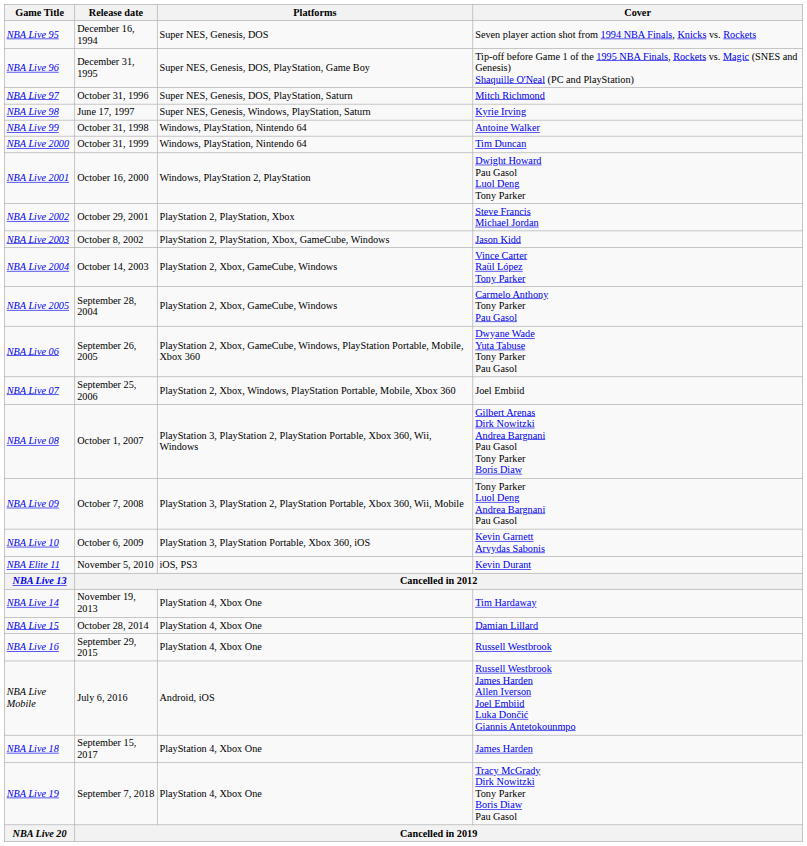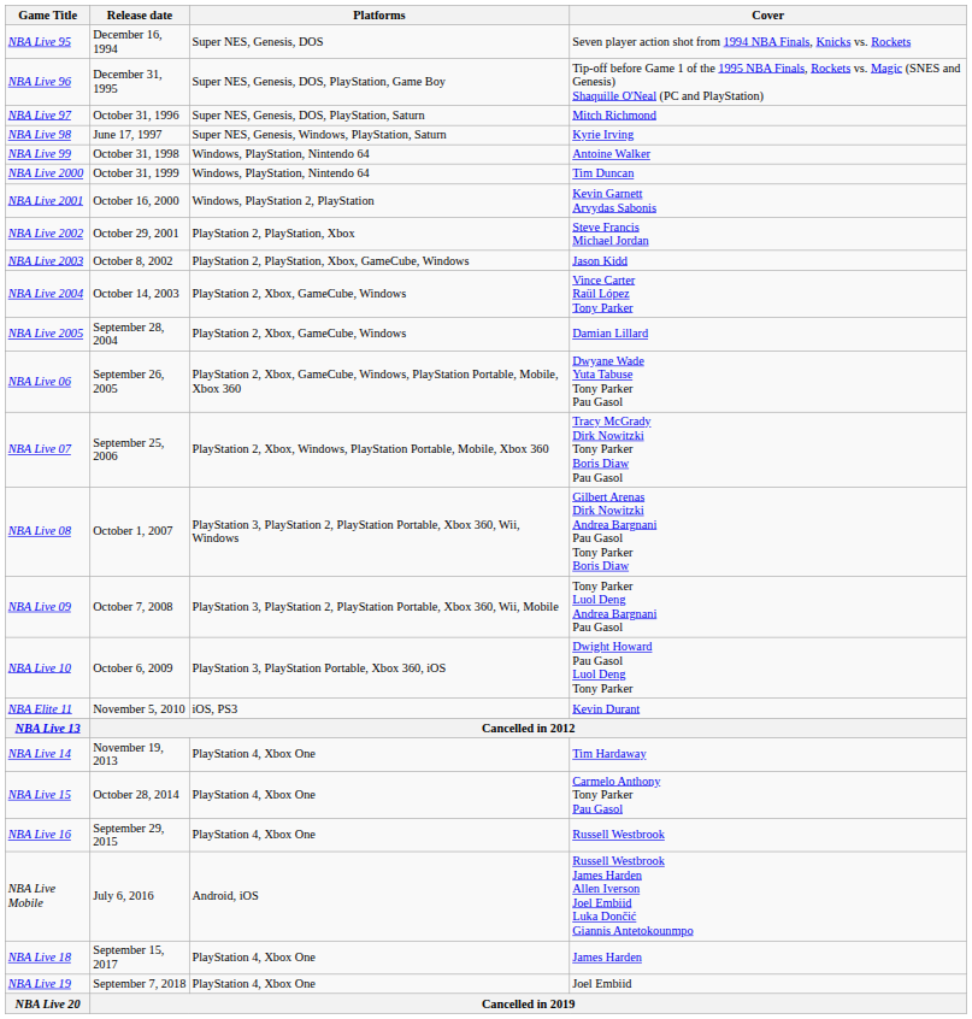 <table class="wikitable sortable">
 <tr>
 <th>Game Title</th>
 <th>Release date</th>
 <th>Platforms</th>
 <th>Cover</th>
 </tr>
 <tr>
 <td><em><a href='#'>NBA Live 95</a></em></td>
 <td>December 16, 1994</td>
 <td>Super NES, Genesis, DOS</td>
 <td>Seven player action shot from <a href='#'>1994 NBA Finals</a>, <a href='#'>Knicks</a> vs. <a href='#'>Rockets</a></td>
 </tr>
 <tr>
 <td><em><a href='#'>NBA Live 96</a></em></td>
 <td>December 31, 1995</td>
 <td>Super NES, Genesis, DOS, PlayStation, Game Boy</td>
 <td>Tip-off before Game 1 of the <a href='#'>1995 NBA Finals</a>, <a href='#'>Rockets</a> vs. <a href='#'>Magic</a> (SNES and Genesis)<br> <a href='#'>Shaquille O'Neal</a> (PC and PlayStation)</td>
 </tr>
 <tr>
 <td><em><a href='#'>NBA Live 97</a></em></td>
 <td>October 31, 1996</td>
 <td>Super NES, Genesis, DOS, PlayStation, Saturn</td>
 <td> <a href='#'>Mitch Richmond</a></td>
 </tr>
 <tr>
 <td><em><a href='#'>NBA Live 98</a></em></td>
 <td>June 17, 1997</td>
 <td>Super NES, Genesis, Windows, PlayStation, Saturn</td>
 <td> <a href='#'>Kyrie Irving</a></td>
 </tr>
 <tr>
 <td><em><a href='#'>NBA Live 99</a></em></td>
 <td>October 31, 1998</td>
 <td>Windows, PlayStation, Nintendo 64</td>
 <td> <a href='#'>Antoine Walker</a></td>
 </tr>
 <tr>
 <td><em><a href='#'>NBA Live 2000</a></em></td>
 <td>October 31, 1999</td>
 <td>Windows, PlayStation, Nintendo 64</td>
 <td> <a href='#'>Tim Duncan</a></td>
 </tr>
 <tr>
 <td><em><a href='#'>NBA Live 2001</a></em></td>
 <td>October 16, 2000</td>
 <td>Windows, PlayStation 2, PlayStation</td>
-<td> <a href='#'>Dwight Howard</a><br> Pau Gasol<br> <a href='#'>Luol Deng</a><br> Tony Parker</td>
+<td> <a href='#'>Kevin Garnett</a><br> <a href='#'>Arvydas Sabonis</a></td>
 </tr>
 <tr>
 <td><em><a href='#'>NBA Live 2002</a></em></td>
 <td>October 29, 2001</td>
 <td>PlayStation 2, PlayStation, Xbox</td>
 <td> <a href='#'>Steve Francis</a><br> <a href='#'>Michael Jordan</a></td>
 </tr>
 <tr>
 <td><em><a href='#'>NBA Live 2003</a></em></td>
 <td>October 8, 2002</td>
 <td>PlayStation 2, PlayStation, Xbox, GameCube, Windows</td>
 <td> <a href='#'>Jason Kidd</a></td>
 </tr>
 <tr>
 <td><em><a href='#'>NBA Live 2004</a></em></td>
 <td>October 14, 2003</td>
 <td>PlayStation 2, Xbox, GameCube, Windows</td>
 <td> <a href='#'>Vince Carter</a><br> <a href='#'>Raül López</a><br> <a href='#'>Tony Parker</a></td>
 </tr>
 <tr>
 <td><em><a href='#'>NBA Live 2005</a></em></td>
 <td>September 28, 2004</td>
 <td>PlayStation 2, Xbox, GameCube, Windows</td>
-<td> <a href='#'>Carmelo Anthony</a><br> Tony Parker<br> <a href='#'>Pau Gasol</a></td>
+<td> <a href='#'>Damian Lillard</a></td>
 </tr>
 <tr>
 <td><em><a href='#'>NBA Live 06</a></em></td>
 <td>September 26, 2005</td>
 <td>PlayStation 2, Xbox, GameCube, Windows, PlayStation Portable, Mobile, Xbox 360</td>
 <td> <a href='#'>Dwyane Wade</a><br> <a href='#'>Yuta Tabuse</a><br> Tony Parker<br> Pau Gasol</td>
 </tr>
 <tr>
 <td><em><a href='#'>NBA Live 07</a></em></td>
 <td>September 25, 2006</td>
 <td>PlayStation 2, Xbox, Windows, PlayStation Portable, Mobile, Xbox 360</td>
-<td> Joel Embiid</td>
+<td> <a href='#'>Tracy McGrady</a><br> <a href='#'>Dirk Nowitzki</a><br> Tony Parker<br> <a href='#'>Boris Diaw</a><br> Pau Gasol</td>
 </tr>
 <tr>
 <td><em><a href='#'>NBA Live 08</a></em></td>
 <td>October 1, 2007</td>
 <td>PlayStation 3, PlayStation 2, PlayStation Portable, Xbox 360, Wii, Windows</td>
 <td> <a href='#'>Gilbert Arenas</a><br> <a href='#'>Dirk Nowitzki</a><br> <a href='#'>Andrea Bargnani</a><br>  Pau Gasol<br>  Tony Parker<br> <a href='#'>Boris Diaw</a></td>
 </tr>
 <tr>
 <td><em><a href='#'>NBA Live 09</a></em></td>
 <td>October 7, 2008</td>
 <td>PlayStation 3, PlayStation 2, PlayStation Portable, Xbox 360, Wii, Mobile</td>
 <td> Tony Parker<br>  <a href='#'>Luol Deng</a><br> <a href='#'>Andrea Bargnani</a><br> Pau Gasol</td>
 </tr>
 <tr>
 <td><em><a href='#'>NBA Live 10</a></em></td>
 <td>October 6, 2009</td>
 <td>PlayStation 3, PlayStation Portable, Xbox 360, iOS</td>
-<td> <a href='#'>Kevin Garnett</a><br> <a href='#'>Arvydas Sabonis</a></td>
+<td> <a href='#'>Dwight Howard</a><br> Pau Gasol<br> <a href='#'>Luol Deng</a><br> Tony Parker</td>
 </tr>
 <tr>
 <td><em><a href='#'>NBA Elite 11</a></em></td>
 <td>November 5, 2010</td>
 <td>iOS, PS3</td>
 <td> <a href='#'>Kevin Durant</a></td>
 </tr>
 <tr>
 <th><em><a href='#'>NBA Live 13</a></em></th>
 <th colspan="3">Cancelled in 2012</th>
 </tr>
 <tr>
 <td><em><a href='#'>NBA Live 14</a></em></td>
 <td>November 19, 2013</td>
 <td>PlayStation 4, Xbox One</td>
 <td> <a href='#'>Tim Hardaway</a></td>
 </tr>
 <tr>
 <td><em><a href='#'>NBA Live 15</a></em></td>
 <td>October 28, 2014</td>
 <td>PlayStation 4, Xbox One</td>
-<td> <a href='#'>Damian Lillard</a></td>
+<td> <a href='#'>Carmelo Anthony</a><br> Tony Parker<br> <a href='#'>Pau Gasol</a></td>
 </tr>
 <tr>
 <td><em><a href='#'>NBA Live 16</a></em></td>
 <td>September 29, 2015</td>
 <td>PlayStation 4, Xbox One</td>
 <td> <a href='#'>Russell Westbrook</a></td>
 </tr>
 <tr>
 <td><em>NBA Live Mobile</em></td>
 <td>July 6, 2016</td>
 <td>Android, iOS</td>
 <td> <a href='#'>Russell Westbrook</a><br> <a href='#'>James Harden</a><br> <a href='#'>Allen Iverson</a><br> <a href='#'>Joel Embiid</a><br> <a href='#'>Luka Dončić</a><br> <a href='#'>Giannis Antetokounmpo</a></td>
 </tr>
 <tr>
 <td><em><a href='#'>NBA Live 18</a></em></td>
 <td>September 15, 2017</td>
 <td>PlayStation 4, Xbox One</td>
 <td> <a href='#'>James Harden</a></td>
 </tr>
 <tr>
 <td><em><a href='#'>NBA Live 19</a></em></td>
 <td>September 7, 2018</td>
 <td>PlayStation 4, Xbox One</td>
-<td> <a href='#'>Tracy McGrady</a><br> <a href='#'>Dirk Nowitzki</a><br> Tony Parker<br> <a href='#'>Boris Diaw</a><br> Pau Gasol</td>
+<td> Joel Embiid</td>
 </tr>
 <tr>
 <th><em>NBA Live 20</em></th>
 <th colspan="3">Cancelled in 2019</th>
 </tr>
 </table>
